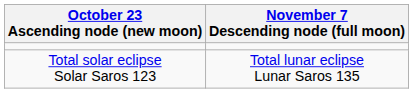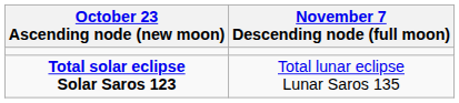 <table class="wikitable">
 <tr>
 <th><a href='#'>October 23</a><br>Ascending node (new moon)<br></th>
 <th><a href='#'>November 7</a><br>Descending node (full moon)</th>
 </tr>
 <tr>
 <td></td>
 <td></td>
 </tr>
 <tr align=center>
-<td><a href='#'>Total solar eclipse</a><br>Solar Saros 123</td>
+<td><strong><a href='#'>Total solar eclipse</a><br>Solar Saros 123</strong></td>
 <td><a href='#'>Total lunar eclipse</a><br>Lunar Saros 135</td>
 </tr>
 </table>
